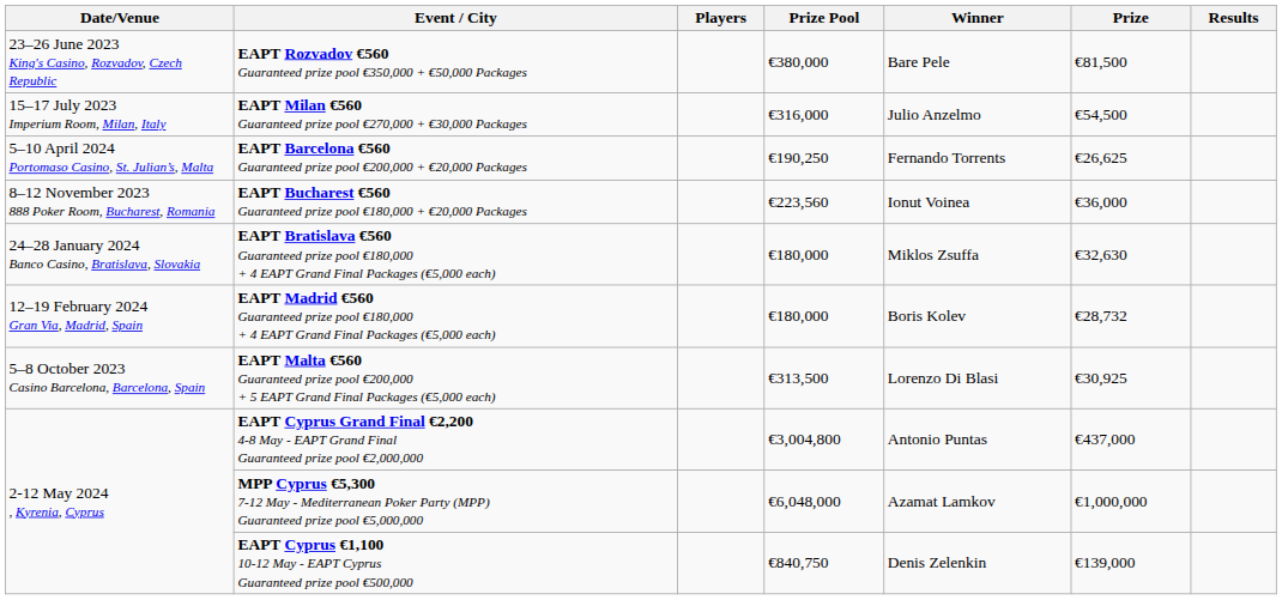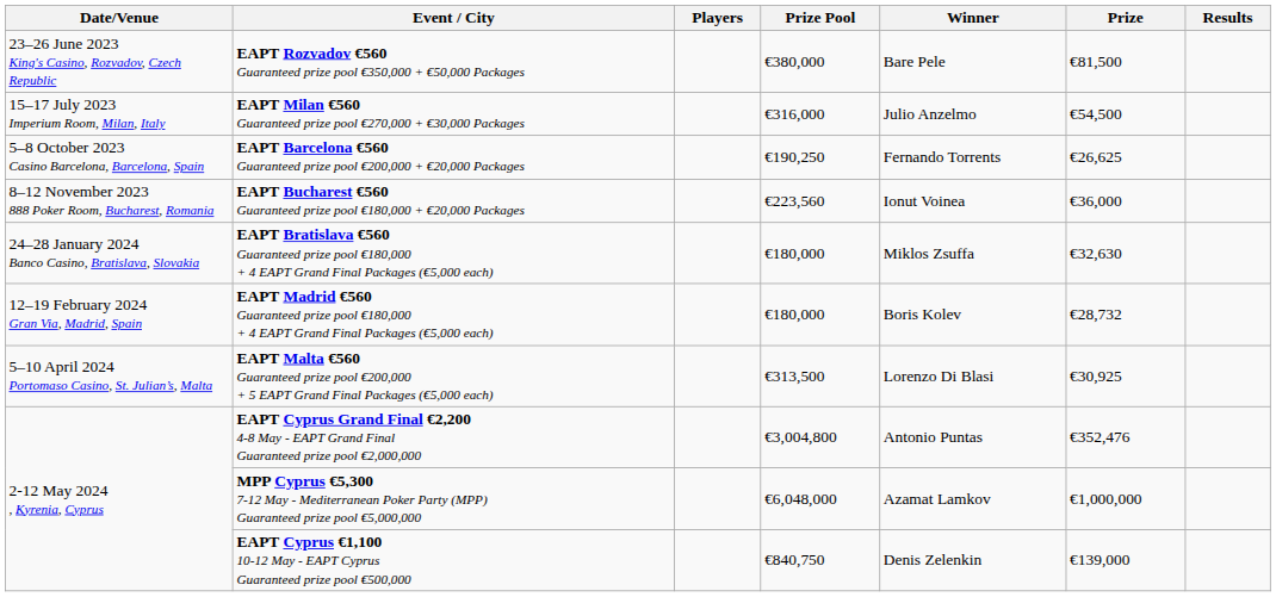 <table class="wikitable" width="100%">
 <tr>
 <th width="18%">Date/Venue</th>
 <th !width="16%">Event / City</th>
 <th !width="11%">Players</th>
 <th !width="12%">Prize Pool</th>
 <th !width="18%">Winner</th>
 <th !width="12%">Prize</th>
 <th !width="11%">Results</th>
 </tr>
 <tr>
 <td>23–26 June 2023<br><small><em><a href='#'>King's Casino</a>, <a href='#'>Rozvadov</a>, <a href='#'>Czech Republic</a></em></small></td>
 <td> <strong>EAPT <a href='#'>Rozvadov</a> €560</strong><br><small><em>Guaranteed prize pool €350,000 + €50,000 Packages</em></small></td>
 <td></td>
 <td>€380,000</td>
 <td> Bare Pele</td>
 <td>€81,500</td>
 <td></td>
 </tr>
 <tr>
 <td>15–17 July 2023<br><small><em>Imperium Room, <a href='#'>Milan</a>, <a href='#'>Italy</a></em></small></td>
 <td> <strong>EAPT <a href='#'>Milan</a> €560</strong><br><small><em>Guaranteed prize pool €270,000 + €30,000 Packages</em></small></td>
 <td></td>
 <td>€316,000</td>
 <td> Julio Anzelmo</td>
 <td>€54,500</td>
 <td></td>
 </tr>
 <tr>
-<td>5–10 April 2024<br><small><em><a href='#'>Portomaso Casino</a>, <a href='#'>St. Julian’s</a>, <a href='#'>Malta</a></em></small></td>
+<td>5–8 October 2023<br><small><em>Casino Barcelona, <a href='#'>Barcelona</a>, <a href='#'>Spain</a></em></small></td>
 <td> <strong>EAPT <a href='#'>Barcelona</a> €560</strong><br><small><em>Guaranteed prize pool €200,000 + €20,000 Packages</em></small></td>
 <td></td>
 <td>€190,250</td>
 <td> Fernando Torrents</td>
 <td>€26,625</td>
 <td></td>
 </tr>
 <tr>
 <td>8–12 November 2023<br><small><em>888 Poker Room, <a href='#'>Bucharest</a>, <a href='#'>Romania</a></em></small></td>
 <td> <strong>EAPT <a href='#'>Bucharest</a> €560</strong><br><small><em>Guaranteed prize pool €180,000 + €20,000 Packages</em></small></td>
 <td></td>
 <td>€223,560</td>
 <td> Ionut Voinea</td>
 <td>€36,000</td>
 <td></td>
 </tr>
 <tr>
 <td>24–28 January 2024<br><small><em>Banco Casino, <a href='#'>Bratislava</a>, <a href='#'>Slovakia</a></em></small></td>
 <td> <strong>EAPT <a href='#'>Bratislava</a> €560</strong><br><small><em>Guaranteed prize pool €180,000<br>+ 4 EAPT Grand Final Packages (€5,000 each)</em></small></td>
 <td></td>
 <td>€180,000</td>
 <td> Miklos Zsuffa</td>
 <td>€32,630</td>
 <td></td>
 </tr>
 <tr>
 <td>12–19 February 2024<br><small><em><a href='#'>Gran Via</a>, <a href='#'>Madrid</a>, <a href='#'>Spain</a></em></small></td>
 <td> <strong>EAPT <a href='#'>Madrid</a> €560</strong><br><small><em>Guaranteed prize pool €180,000<br>+ 4 EAPT Grand Final Packages (€5,000 each)</em></small></td>
 <td></td>
 <td>€180,000</td>
 <td> Boris Kolev</td>
 <td>€28,732</td>
 <td></td>
 </tr>
 <tr>
-<td>5–8 October 2023<br><small><em>Casino Barcelona, <a href='#'>Barcelona</a>, <a href='#'>Spain</a></em></small></td>
+<td>5–10 April 2024<br><small><em><a href='#'>Portomaso Casino</a>, <a href='#'>St. Julian’s</a>, <a href='#'>Malta</a></em></small></td>
 <td> <strong>EAPT <a href='#'>Malta</a> €560</strong><br><small><em>Guaranteed prize pool €200,000<br>+ 5 EAPT Grand Final Packages (€5,000 each)</em></small></td>
 <td></td>
 <td>€313,500</td>
 <td> Lorenzo Di Blasi</td>
 <td>€30,925</td>
 <td></td>
 </tr>
 <tr>
 <td rowspan="3">2-12 May 2024<br><small><em>, <a href='#'>Kyrenia</a>, <a href='#'>Cyprus</a></em></small></td>
 <td> <strong>EAPT <a href='#'>Cyprus Grand Final</a> €2,200</strong><br><small><em>4-8 May - EAPT Grand Final</em></small><br><small><em>Guaranteed prize pool €2,000,000</em></small></td>
 <td></td>
 <td>€3,004,800</td>
 <td> Antonio Puntas</td>
-<td>€437,000</td>
+<td>€352,476</td>
 <td></td>
 </tr>
 <tr>
 <td> <strong>MPP <a href='#'>Cyprus</a> €5,300</strong><br><small><em>7-12 May - Mediterranean Poker Party (MPP)</em></small><br><small><em>Guaranteed prize pool €5,000,000</em></small></td>
 <td></td>
 <td>€6,048,000</td>
 <td> Azamat Lamkov</td>
 <td>€1,000,000</td>
 <td></td>
 </tr>
 <tr>
 <td> <strong>EAPT <a href='#'>Cyprus</a> €1,100</strong><br><small><em>10-12 May - EAPT Cyprus</em></small><br><small><em>Guaranteed prize pool €500,000</em></small></td>
 <td></td>
 <td>€840,750</td>
 <td> Denis Zelenkin</td>
 <td>€139,000</td>
 <td></td>
 </tr>
 </table>
